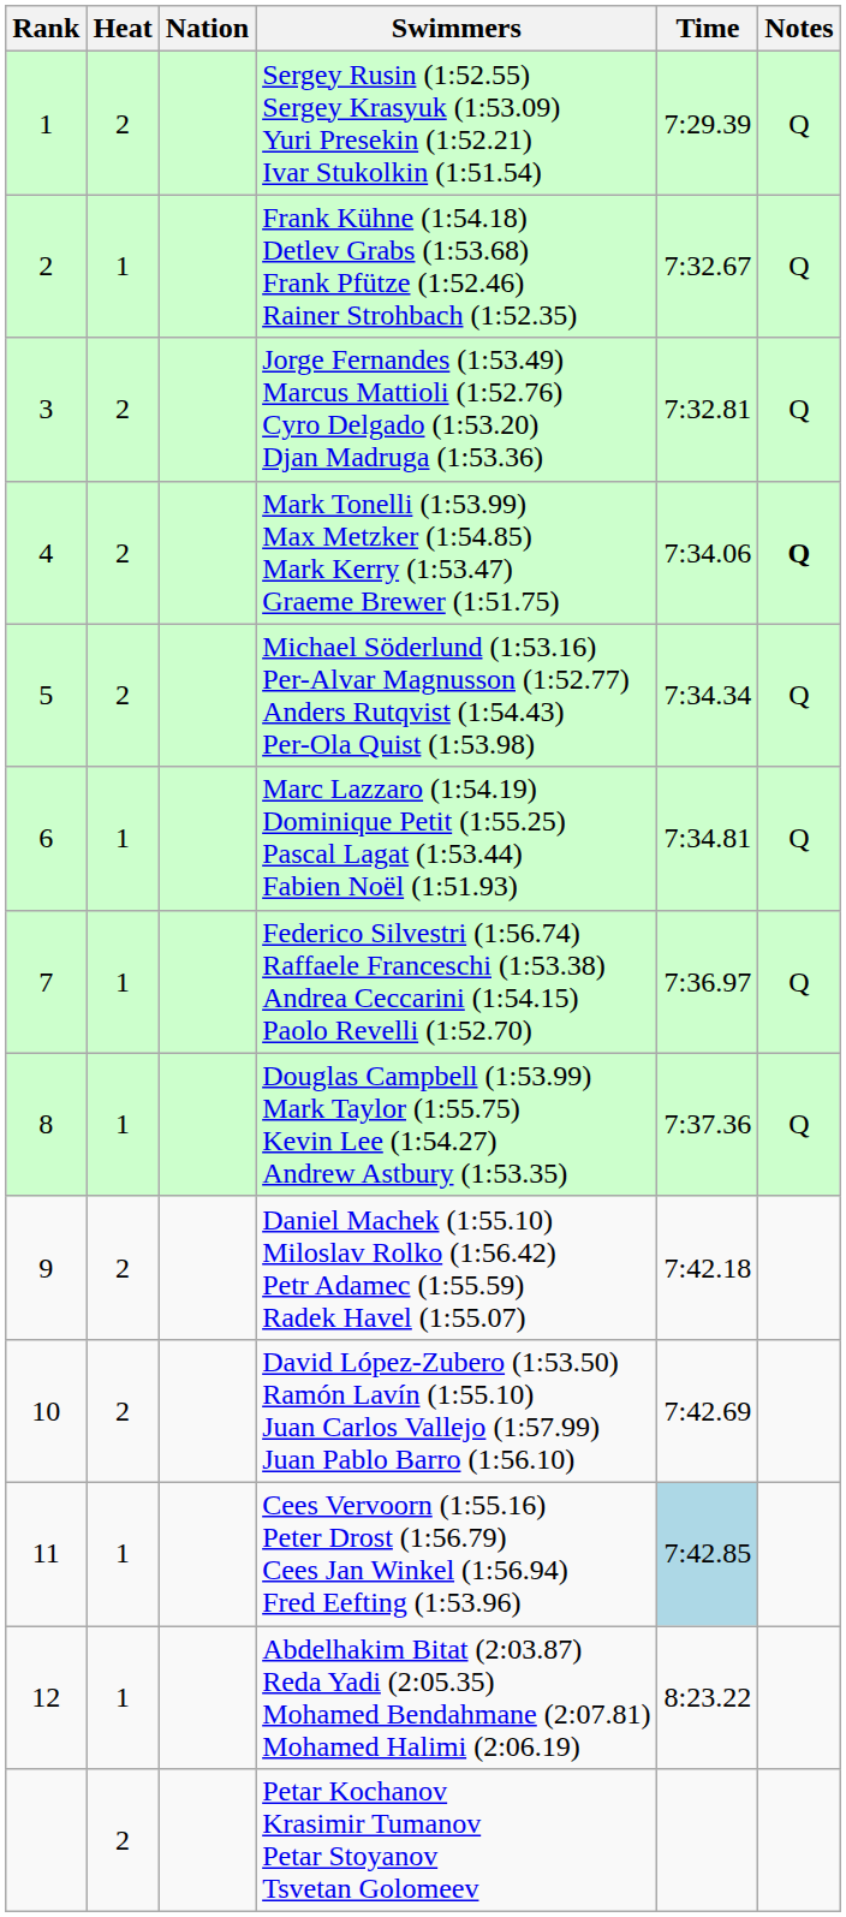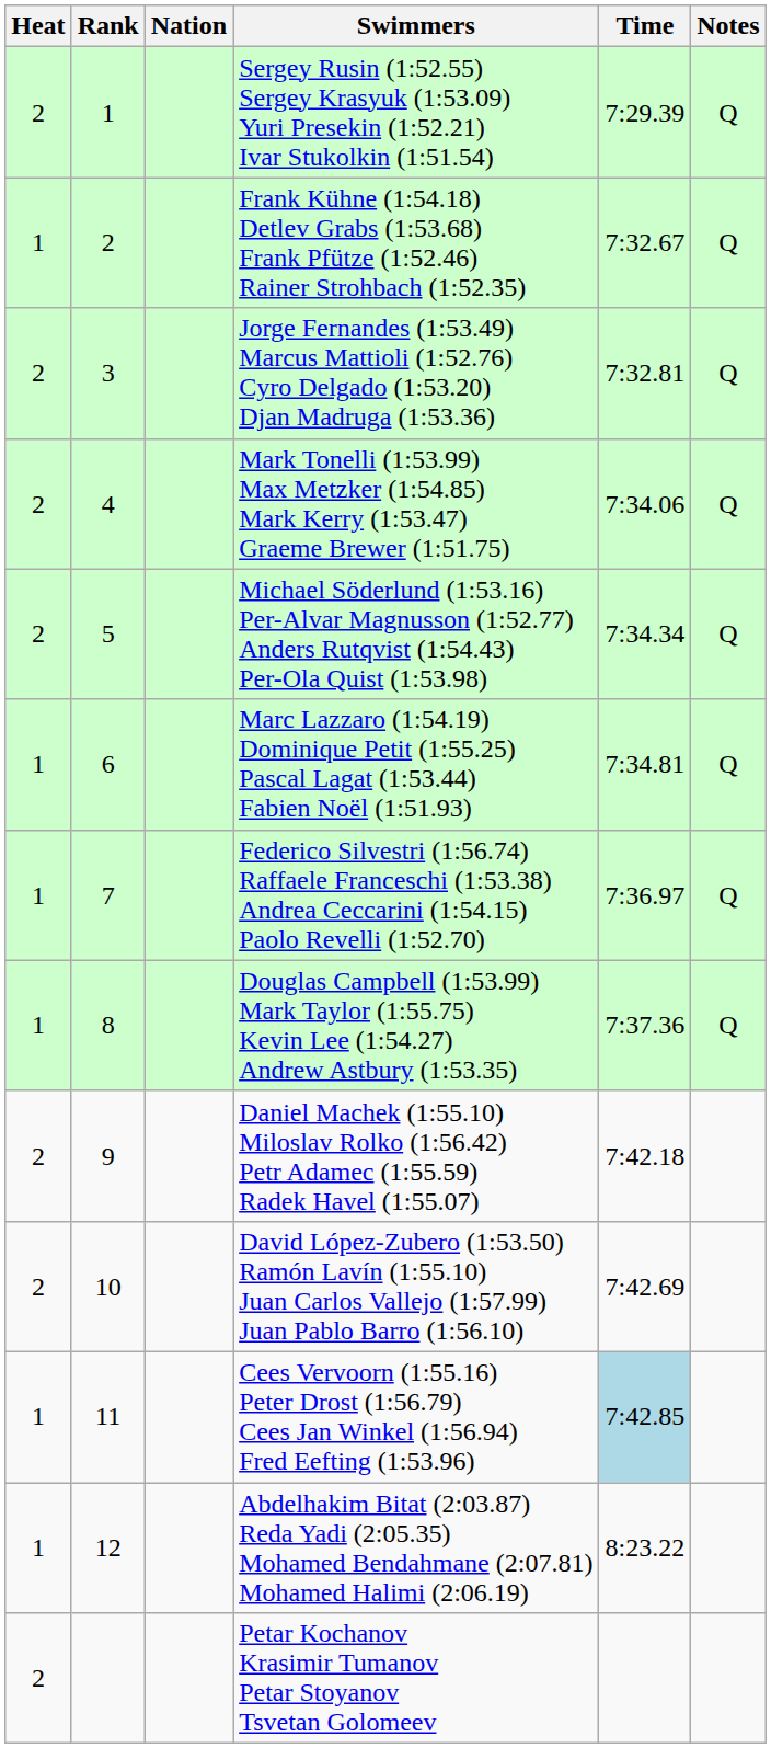 <table class="wikitable sortable" style="text-align:center">
 <tr>
+<th>Heat</th>
 <th>Rank</th>
-<th>Heat</th>
 <th>Nation</th>
 <th>Swimmers</th>
 <th>Time</th>
 <th>Notes</th>
 </tr>
 <tr bgcolor=ccffcc>
+<td>2</td>
 <td>1</td>
-<td>2</td>
 <td align=left></td>
 <td align=left><a href='#'>Sergey Rusin</a> (1:52.55)<br><a href='#'>Sergey Krasyuk</a> (1:53.09)<br><a href='#'>Yuri Presekin</a> (1:52.21)<br><a href='#'>Ivar Stukolkin</a> (1:51.54)</td>
 <td>7:29.39</td>
 <td>Q</td>
 </tr>
 <tr bgcolor=ccffcc>
+<td>1</td>
 <td>2</td>
-<td>1</td>
 <td align=left></td>
 <td align=left><a href='#'>Frank Kühne</a> (1:54.18)<br><a href='#'>Detlev Grabs</a> (1:53.68)<br><a href='#'>Frank Pfütze</a> (1:52.46)<br><a href='#'>Rainer Strohbach</a> (1:52.35)</td>
 <td>7:32.67</td>
 <td>Q</td>
 </tr>
 <tr bgcolor=ccffcc>
+<td>2</td>
 <td>3</td>
-<td>2</td>
 <td align=left></td>
 <td align=left><a href='#'>Jorge Fernandes</a> (1:53.49)<br><a href='#'>Marcus Mattioli</a> (1:52.76)<br><a href='#'>Cyro Delgado</a> (1:53.20)<br><a href='#'>Djan Madruga</a> (1:53.36)</td>
 <td>7:32.81</td>
 <td>Q</td>
 </tr>
 <tr bgcolor=ccffcc>
+<td>2</td>
 <td>4</td>
-<td>2</td>
 <td align=left></td>
 <td align=left><a href='#'>Mark Tonelli</a> (1:53.99)<br><a href='#'>Max Metzker</a> (1:54.85)<br><a href='#'>Mark Kerry</a> (1:53.47)<br><a href='#'>Graeme Brewer</a> (1:51.75)</td>
 <td>7:34.06</td>
-<td><strong>Q</strong></td>
+<td>Q</td>
 </tr>
 <tr bgcolor=ccffcc>
+<td>2</td>
 <td>5</td>
-<td>2</td>
 <td align=left></td>
 <td align=left><a href='#'>Michael Söderlund</a> (1:53.16)<br><a href='#'>Per-Alvar Magnusson</a> (1:52.77)<br><a href='#'>Anders Rutqvist</a> (1:54.43)<br><a href='#'>Per-Ola Quist</a> (1:53.98)</td>
 <td>7:34.34</td>
 <td>Q</td>
 </tr>
 <tr bgcolor=ccffcc>
+<td>1</td>
 <td>6</td>
-<td>1</td>
 <td align=left></td>
 <td align=left><a href='#'>Marc Lazzaro</a> (1:54.19)<br><a href='#'>Dominique Petit</a> (1:55.25)<br><a href='#'>Pascal Lagat</a> (1:53.44)<br><a href='#'>Fabien Noël</a> (1:51.93)</td>
 <td>7:34.81</td>
 <td>Q</td>
 </tr>
 <tr bgcolor=ccffcc>
+<td>1</td>
 <td>7</td>
-<td>1</td>
 <td align=left></td>
 <td align=left><a href='#'>Federico Silvestri</a> (1:56.74)<br><a href='#'>Raffaele Franceschi</a> (1:53.38)<br><a href='#'>Andrea Ceccarini</a> (1:54.15)<br><a href='#'>Paolo Revelli</a> (1:52.70)</td>
 <td>7:36.97</td>
 <td>Q</td>
 </tr>
 <tr bgcolor=ccffcc>
+<td>1</td>
 <td>8</td>
-<td>1</td>
 <td align=left></td>
 <td align=left><a href='#'>Douglas Campbell</a> (1:53.99)<br><a href='#'>Mark Taylor</a> (1:55.75)<br><a href='#'>Kevin Lee</a> (1:54.27)<br><a href='#'>Andrew Astbury</a> (1:53.35)</td>
 <td>7:37.36</td>
 <td>Q</td>
 </tr>
 <tr>
+<td>2</td>
 <td>9</td>
-<td>2</td>
 <td align=left></td>
 <td align=left><a href='#'>Daniel Machek</a> (1:55.10)<br><a href='#'>Miloslav Rolko</a> (1:56.42)<br><a href='#'>Petr Adamec</a> (1:55.59)<br><a href='#'>Radek Havel</a> (1:55.07)</td>
 <td>7:42.18</td>
 <td></td>
 </tr>
 <tr>
+<td>2</td>
 <td>10</td>
-<td>2</td>
 <td align=left></td>
 <td align=left><a href='#'>David López-Zubero</a> (1:53.50)<br><a href='#'>Ramón Lavín</a> (1:55.10)<br><a href='#'>Juan Carlos Vallejo</a> (1:57.99)<br><a href='#'>Juan Pablo Barro</a> (1:56.10)</td>
 <td>7:42.69</td>
 <td></td>
 </tr>
 <tr>
+<td>1</td>
 <td>11</td>
-<td>1</td>
 <td align=left></td>
 <td align=left><a href='#'>Cees Vervoorn</a> (1:55.16)<br><a href='#'>Peter Drost</a> (1:56.79)<br><a href='#'>Cees Jan Winkel</a> (1:56.94)<br><a href='#'>Fred Eefting</a> (1:53.96)</td>
 <td style="background: lightblue;">7:42.85</td>
 <td></td>
 </tr>
 <tr>
+<td>1</td>
 <td>12</td>
-<td>1</td>
 <td align=left></td>
 <td align=left><a href='#'>Abdelhakim Bitat</a> (2:03.87)<br><a href='#'>Reda Yadi</a> (2:05.35)<br><a href='#'>Mohamed Bendahmane</a> (2:07.81)<br><a href='#'>Mohamed Halimi</a> (2:06.19)</td>
 <td>8:23.22</td>
 <td></td>
 </tr>
 <tr>
+<td>2</td>
 <td></td>
-<td>2</td>
 <td align=left></td>
 <td align=left><a href='#'>Petar Kochanov</a><br><a href='#'>Krasimir Tumanov</a><br><a href='#'>Petar Stoyanov</a><br><a href='#'>Tsvetan Golomeev</a></td>
 <td></td>
 <td></td>
 </tr>
 </table>
